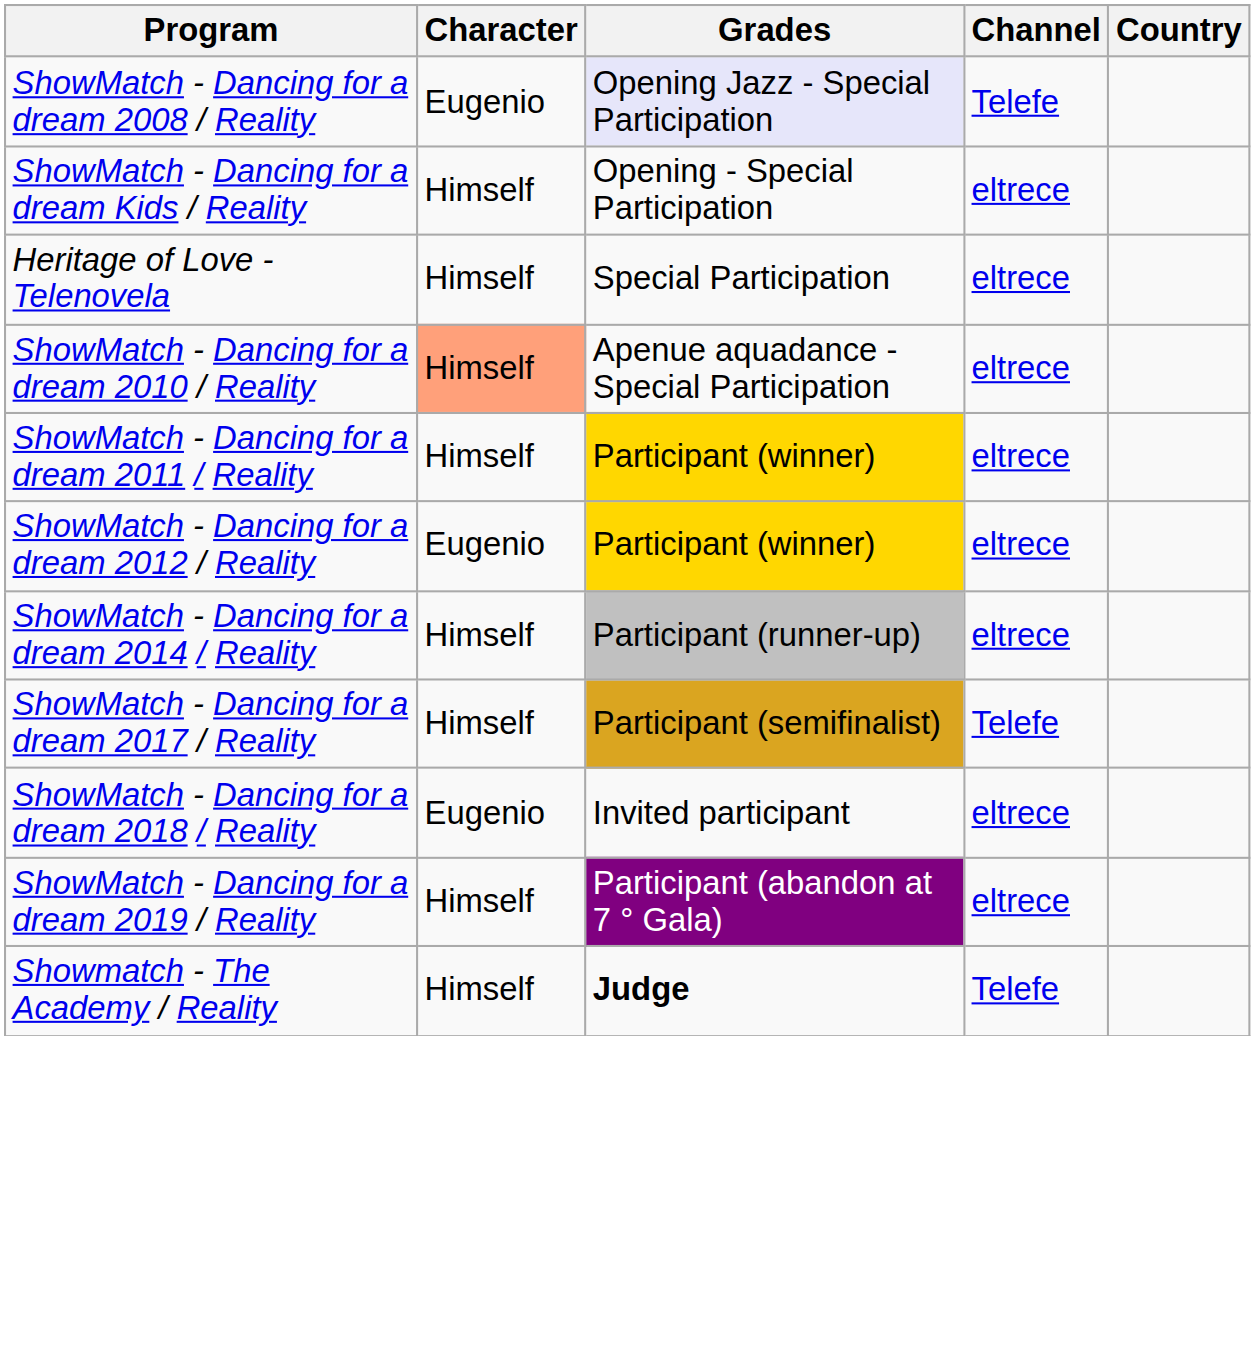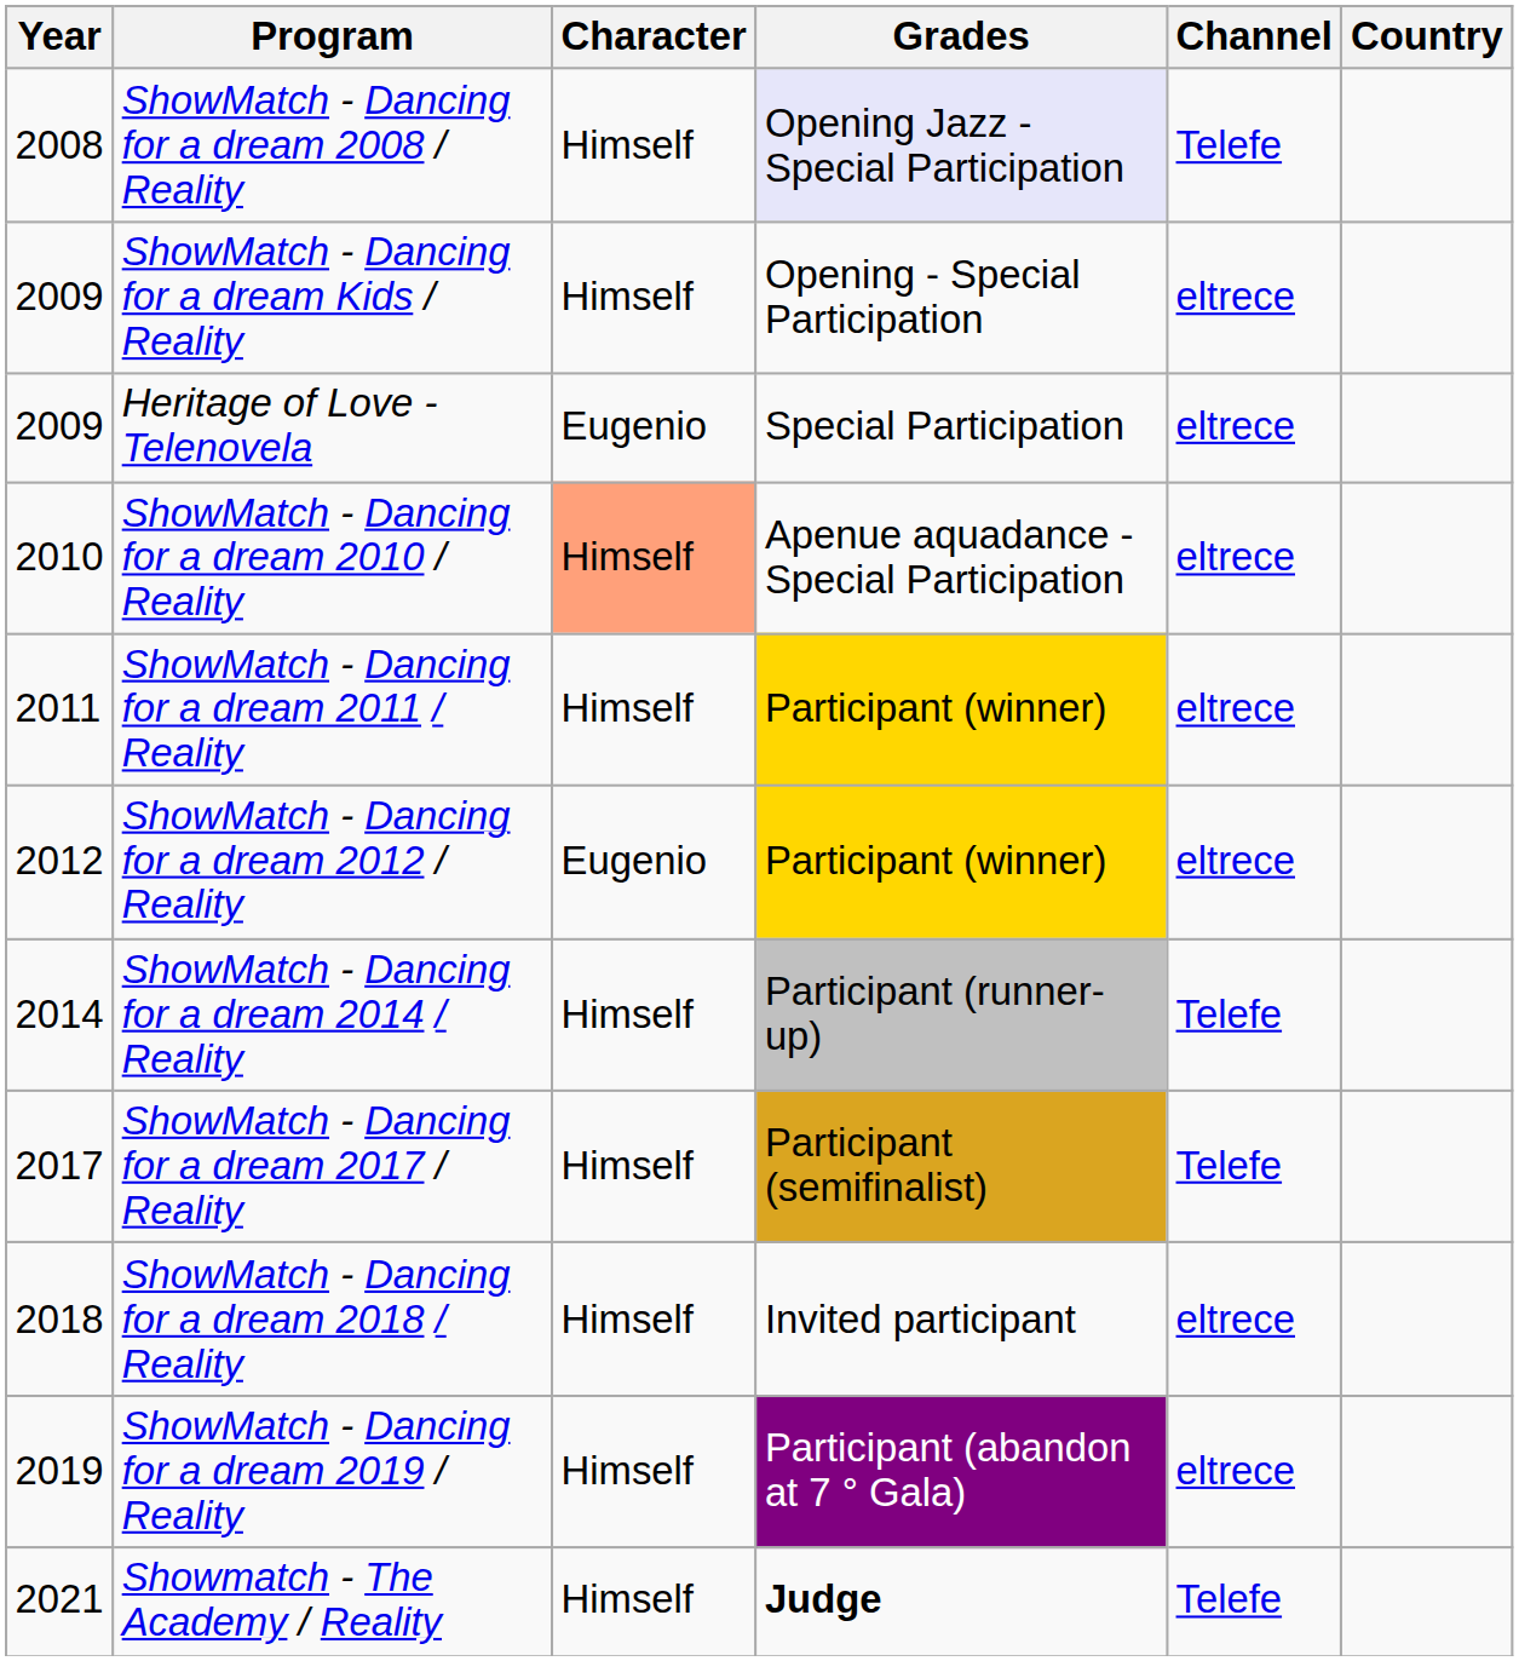 <table class="wikitable">
 <tr>
+<th>Year</th>
 <th>Program</th>
 <th>Character</th>
 <th>Grades</th>
 <th>Channel</th>
 <th>Country</th>
 </tr>
 <tr>
+<td>2008</td>
 <td><em> <a href='#'>ShowMatch</a> - <a href='#'>Dancing for a dream 2008</a> / <a href='#'>Reality</a> </em></td>
-<td>Eugenio</td>
+<td>Himself</td>
 <td style="background: lavender;">Opening Jazz - Special Participation</td>
 <td> <a href='#'>Telefe</a></td>
 <td></td>
 </tr>
 <tr>
+<td>2009</td>
 <td><em> <a href='#'>ShowMatch</a> - <a href='#'>Dancing for a dream Kids</a> / <a href='#'>Reality</a> </em></td>
 <td>Himself</td>
 <td>Opening - Special Participation</td>
 <td> <a href='#'>eltrece</a></td>
 <td></td>
 </tr>
 <tr>
+<td>2009</td>
 <td><em> Heritage of Love - <a href='#'>Telenovela</a> </em></td>
-<td>Himself</td>
+<td>Eugenio</td>
 <td>Special Participation</td>
 <td> <a href='#'>eltrece</a></td>
 <td></td>
 </tr>
 <tr>
+<td>2010</td>
 <td><em> <a href='#'>ShowMatch</a> - <a href='#'>Dancing for a dream 2010</a> / <a href='#'>Reality</a> </em></td>
 <td style="background: lightsalmon;">Himself</td>
 <td>Apenue aquadance - Special Participation</td>
 <td> <a href='#'>eltrece</a></td>
 <td></td>
 </tr>
 <tr>
+<td>2011</td>
 <td><em> <a href='#'>ShowMatch</a> - <a href='#'>Dancing for a dream 2011</a> <a href='#'>/</a> <a href='#'>Reality</a> </em></td>
 <td>Himself</td>
 <td bgcolor="GOLD">Participant (winner)</td>
 <td> <a href='#'>eltrece</a></td>
 <td></td>
 </tr>
 <tr>
+<td>2012</td>
 <td><em> <a href='#'>ShowMatch</a> - <a href='#'>Dancing for a dream 2012</a> / <a href='#'>Reality</a> </em></td>
 <td>Eugenio</td>
 <td bgcolor="GOLD">Participant (winner)</td>
 <td> <a href='#'>eltrece</a></td>
 <td></td>
 </tr>
 <tr>
+<td>2014</td>
 <td><em> <a href='#'>ShowMatch</a> - <a href='#'>Dancing for a dream 2014</a> <a href='#'>/</a> <a href='#'>Reality</a> </em></td>
 <td>Himself</td>
 <td bgcolor="Silver">Participant (runner-up)</td>
-<td> <a href='#'>eltrece</a></td>
+<td> <a href='#'>Telefe</a></td>
 <td></td>
 </tr>
 <tr>
+<td>2017</td>
 <td><em> <a href='#'>ShowMatch</a> - <a href='#'>Dancing for a dream 2017</a> / <a href='#'>Reality</a> </em></td>
 <td>Himself</td>
 <td bgcolor="goldenrod">Participant (semifinalist)</td>
 <td> <a href='#'>Telefe</a></td>
 <td></td>
 </tr>
 <tr>
+<td>2018</td>
 <td><em> <a href='#'>ShowMatch</a> - <a href='#'>Dancing for a dream 2018</a> <a href='#'>/</a> <a href='#'>Reality</a> </em></td>
-<td>Eugenio</td>
+<td>Himself</td>
 <td>Invited participant</td>
 <td> <a href='#'>eltrece</a></td>
 <td></td>
 </tr>
 <tr>
+<td>2019</td>
 <td><em> <a href='#'>ShowMatch</a> - <a href='#'>Dancing for a dream 2019</a> / <a href='#'>Reality</a> </em></td>
 <td>Himself</td>
 <td style="background:purple;color:white;">Participant (abandon at 7 ° Gala)</td>
 <td> <a href='#'>eltrece</a></td>
 <td></td>
 </tr>
 <tr>
+<td>2021</td>
 <td><em> <a href='#'>Showmatch</a> - <a href='#'>The Academy</a> / <a href='#'>Reality</a> </em></td>
 <td>Himself</td>
 <td><strong>Judge</strong></td>
 <td> <a href='#'>Telefe</a></td>
 <td></td>
 </tr>
 </table>
